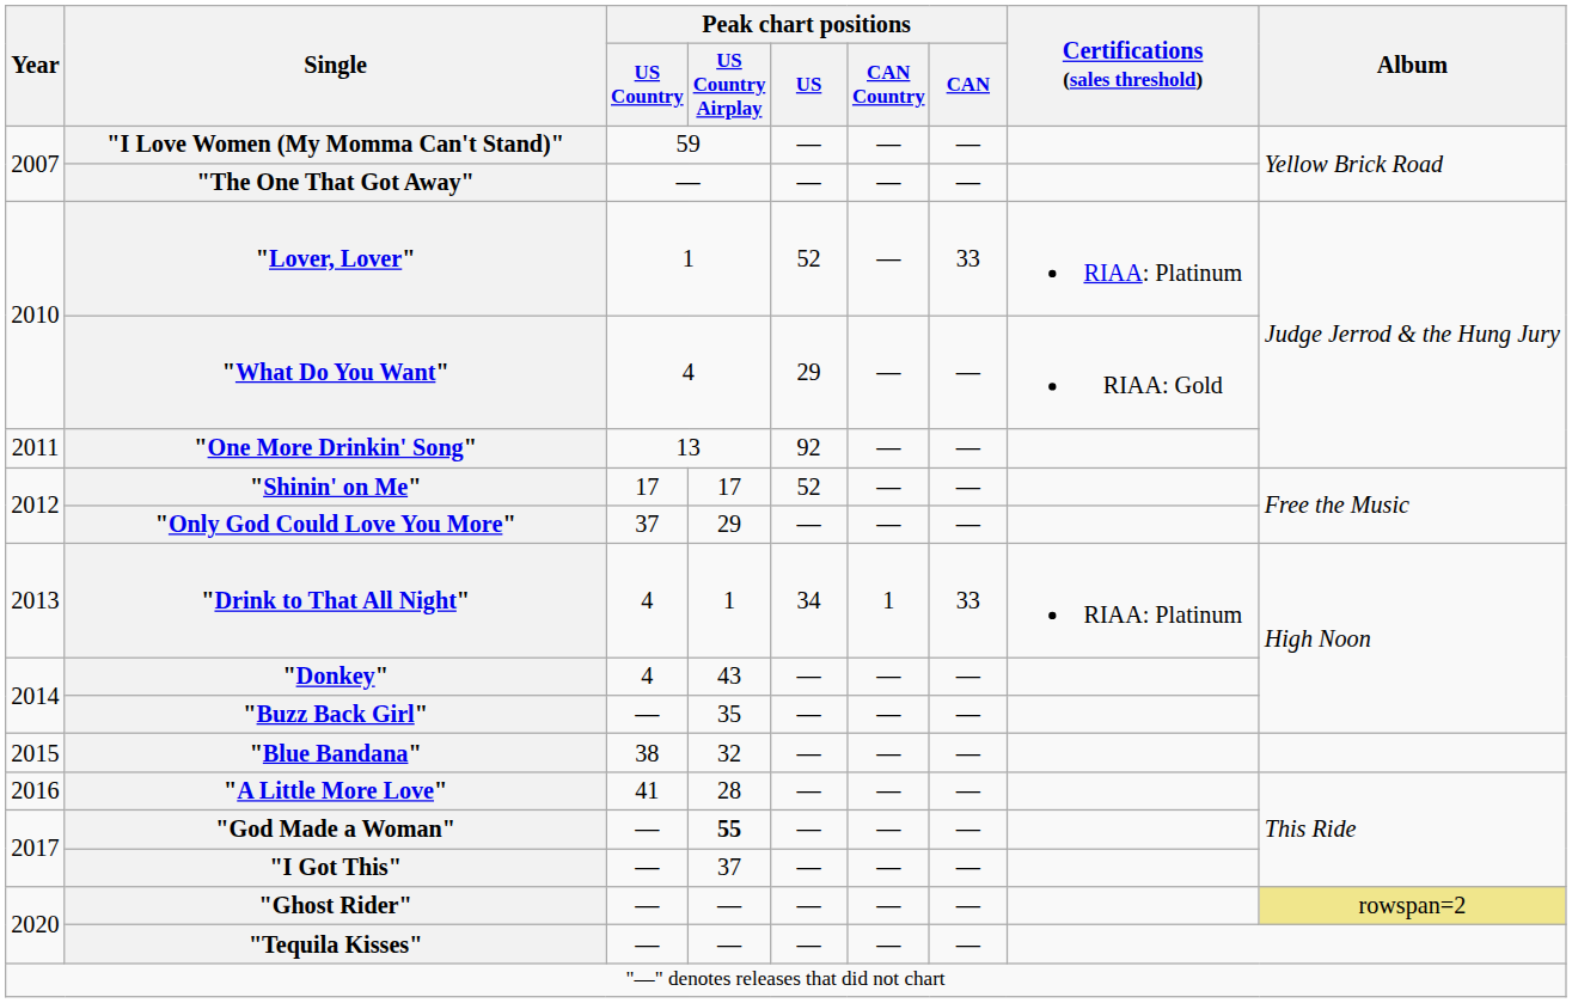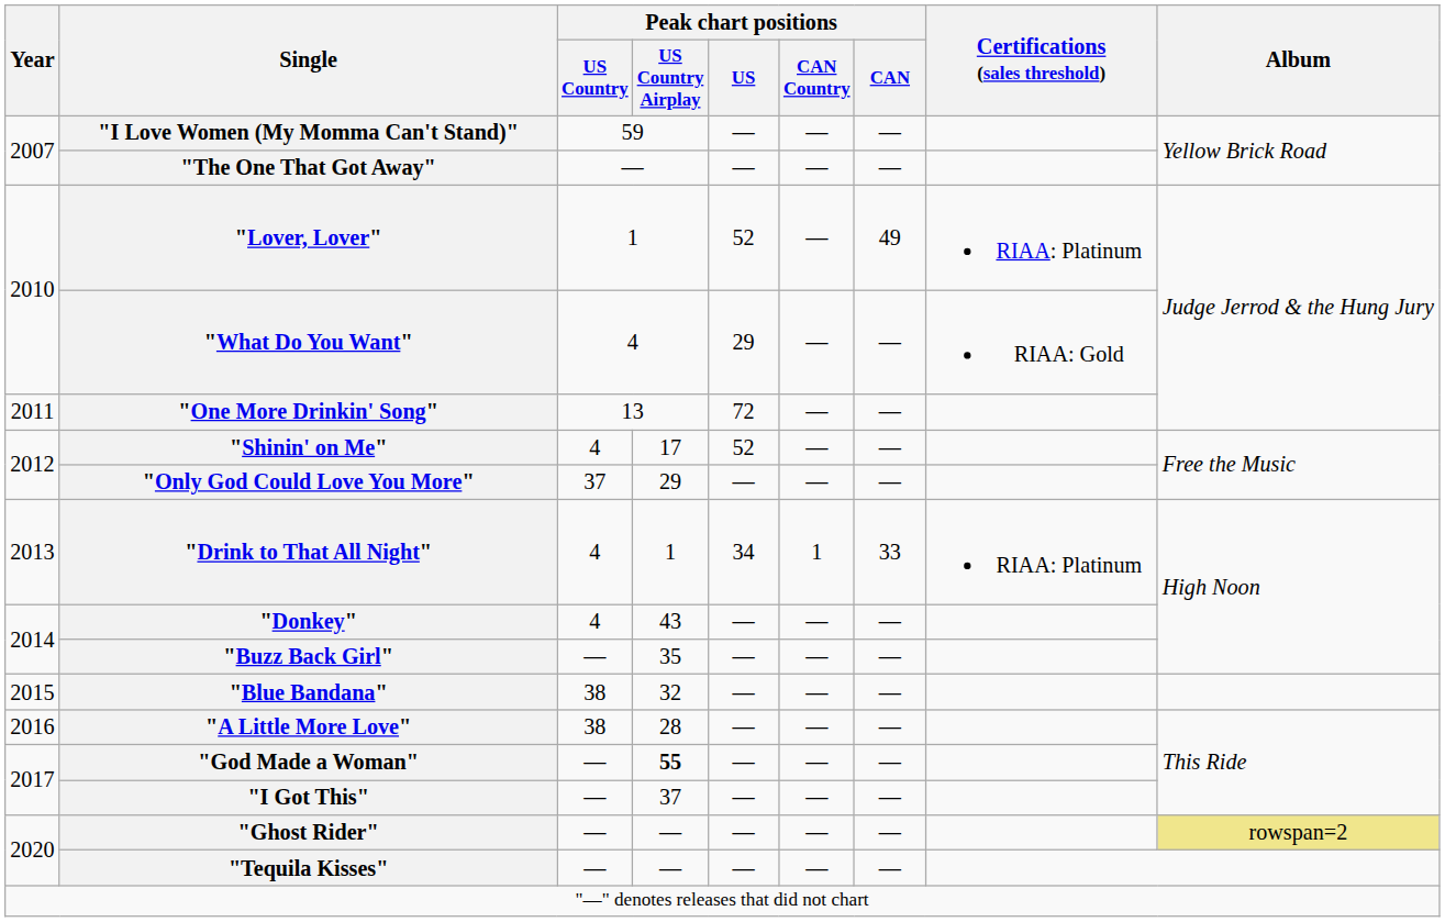 <table class="wikitable plainrowheaders" style="text-align:center;">
 <tr>
 <th rowspan="2">Year</th>
 <th rowspan="2" style="width:22em;">Single</th>
 <th colspan="5">Peak chart positions</th>
 <th rowspan="2" style="width:10em;"><a href='#'>Certifications</a><br><small>(<a href='#'>sales threshold</a>)</small></th>
 <th rowspan="2">Album</th>
 </tr>
 <tr style="font-size:smaller;">
 <th width="45"><a href='#'>US Country</a><br></th>
 <th width="45"><a href='#'>US Country Airplay</a><br></th>
 <th width="45"><a href='#'>US</a><br></th>
 <th width="45"><a href='#'>CAN Country</a><br></th>
 <th width="45"><a href='#'>CAN</a><br></th>
 </tr>
 <tr>
 <td rowspan="2">2007</td>
 <th scope="row">"I Love Women (My Momma Can't Stand)"</th>
 <td colspan=2>59</td>
 <td>—</td>
 <td>—</td>
 <td>—</td>
 <td></td>
 <td align="left" rowspan="2"><em>Yellow Brick Road</em></td>
 </tr>
 <tr>
 <th scope="row">"The One That Got Away"</th>
 <td colspan=2>—</td>
 <td>—</td>
 <td>—</td>
 <td>—</td>
 <td></td>
 </tr>
 <tr>
 <td rowspan="2">2010</td>
 <th scope="row">"<a href='#'>Lover, Lover</a>"</th>
 <td colspan=2>1</td>
 <td>52</td>
 <td>—</td>
-<td>33</td>
+<td>49</td>
 <td><br><ul><li><a href='#'>RIAA</a>: Platinum</li></ul></td>
 <td align="left" rowspan="3"><em>Judge Jerrod & the Hung Jury</em></td>
 </tr>
 <tr>
 <th scope="row">"<a href='#'>What Do You Want</a>"</th>
 <td colspan=2>4</td>
 <td>29</td>
 <td>—</td>
 <td>—</td>
 <td><br><ul><li>RIAA: Gold</li></ul></td>
 </tr>
 <tr>
 <td>2011</td>
 <th scope="row">"<a href='#'>One More Drinkin' Song</a>"</th>
 <td colspan=2>13</td>
-<td>92</td>
+<td>72</td>
 <td>—</td>
 <td>—</td>
 <td></td>
 </tr>
 <tr>
 <td rowspan="2">2012</td>
 <th scope="row">"<a href='#'>Shinin' on Me</a>"</th>
-<td>17</td>
+<td>4</td>
 <td>17</td>
 <td>52</td>
 <td>—</td>
 <td>—</td>
 <td></td>
 <td align="left" rowspan="2"><em>Free the Music</em></td>
 </tr>
 <tr>
 <th scope="row">"<a href='#'>Only God Could Love You More</a>"</th>
 <td>37</td>
 <td>29</td>
 <td>—</td>
 <td>—</td>
 <td>—</td>
 <td></td>
 </tr>
 <tr>
 <td>2013</td>
 <th scope="row">"<a href='#'>Drink to That All Night</a>"</th>
 <td>4</td>
 <td>1</td>
 <td>34</td>
 <td>1</td>
 <td>33</td>
 <td><br><ul><li>RIAA: Platinum</li></ul></td>
 <td align="left" rowspan="3"><em>High Noon</em></td>
 </tr>
 <tr>
 <td rowspan="2">2014</td>
 <th scope="row">"<a href='#'>Donkey</a>"</th>
 <td>4</td>
 <td>43</td>
 <td>—</td>
 <td>—</td>
 <td>—</td>
 <td></td>
 </tr>
 <tr>
 <th scope="row">"<a href='#'>Buzz Back Girl</a>"</th>
 <td>—</td>
 <td>35</td>
 <td>—</td>
 <td>—</td>
 <td>—</td>
 <td></td>
 </tr>
 <tr>
 <td>2015</td>
 <th scope="row">"<a href='#'>Blue Bandana</a>"</th>
 <td>38</td>
 <td>32</td>
 <td>—</td>
 <td>—</td>
 <td>—</td>
 <td></td>
 <td></td>
 </tr>
 <tr>
 <td>2016</td>
 <th scope="row">"<a href='#'>A Little More Love</a>"<br></th>
-<td>41</td>
+<td>38</td>
 <td>28</td>
 <td>—</td>
 <td>—</td>
 <td>—</td>
 <td></td>
 <td align="left" rowspan="3"><em>This Ride</em></td>
 </tr>
 <tr>
 <td rowspan="2">2017</td>
 <th scope="row">"God Made a Woman"</th>
 <td>—</td>
 <td><strong>55</strong></td>
 <td>—</td>
 <td>—</td>
 <td>—</td>
 <td></td>
 </tr>
 <tr>
 <th scope="row">"I Got This"</th>
 <td>—</td>
 <td>37</td>
 <td>—</td>
 <td>—</td>
 <td>—</td>
 <td></td>
 </tr>
 <tr>
 <td rowspan="2">2020</td>
 <th scope="row">"Ghost Rider"</th>
 <td>—</td>
 <td>—</td>
 <td>—</td>
 <td>—</td>
 <td>—</td>
 <td></td>
 <td style="background: khaki;">rowspan=2 </td>
 </tr>
 <tr>
 <th scope="row">"Tequila Kisses"</th>
 <td>—</td>
 <td>—</td>
 <td>—</td>
 <td>—</td>
 <td>—</td>
 </tr>
 <tr>
 <td colspan="9" style="font-size:85%">"—" denotes releases that did not chart</td>
 </tr>
 </table>
